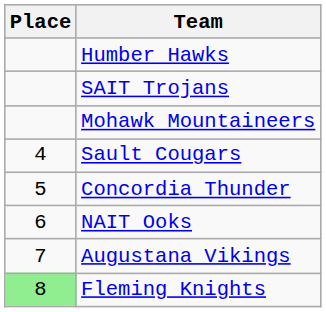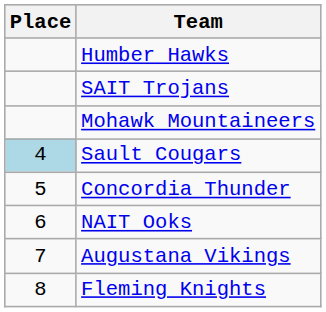 <table class="wikitable">
 <tr>
 <th>Place</th>
 <th>Team</th>
 </tr>
 <tr>
 <td align=center></td>
 <td> <a href='#'>Humber Hawks</a></td>
 </tr>
 <tr>
 <td align=center></td>
 <td> <a href='#'>SAIT Trojans</a></td>
 </tr>
 <tr>
 <td align=center></td>
 <td> <a href='#'>Mohawk Mountaineers</a></td>
 </tr>
 <tr>
-<td align=center>4</td>
+<td align=center style="background: lightblue;">4</td>
 <td> <a href='#'>Sault Cougars</a></td>
 </tr>
 <tr>
 <td align=center>5</td>
 <td> <a href='#'>Concordia Thunder</a></td>
 </tr>
 <tr>
 <td align=center>6</td>
 <td> <a href='#'>NAIT Ooks</a></td>
 </tr>
 <tr>
 <td align=center>7</td>
 <td> <a href='#'>Augustana Vikings</a></td>
 </tr>
 <tr>
-<td align=center style="background: lightgreen;">8</td>
+<td align=center>8</td>
 <td> <a href='#'>Fleming Knights</a></td>
 </tr>
 </table>
